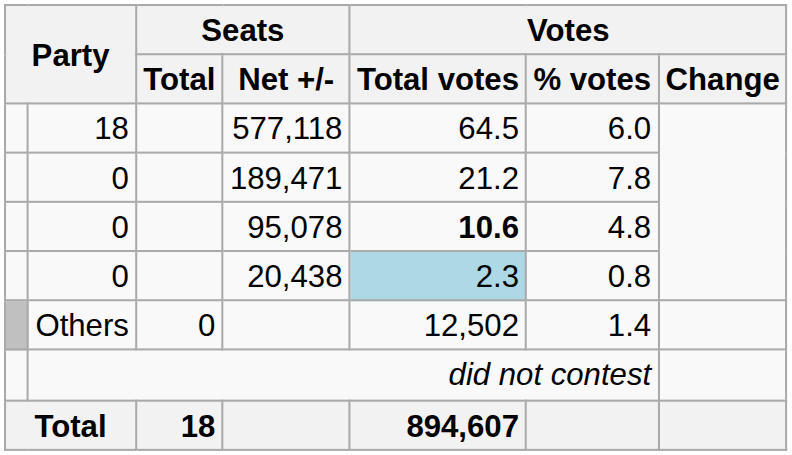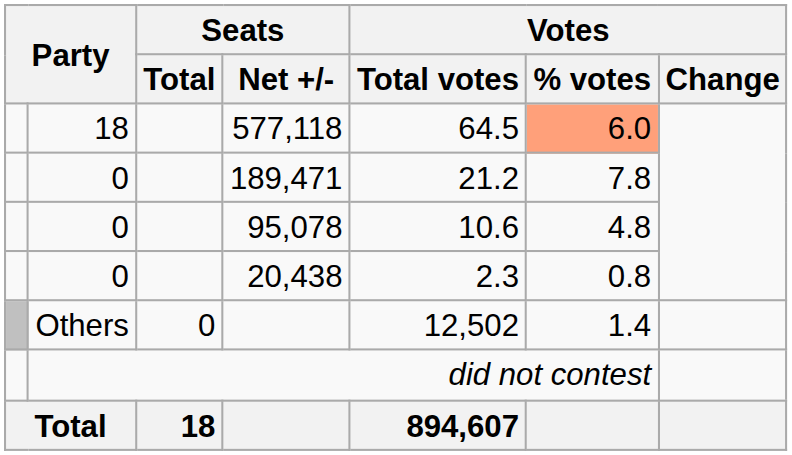 <table class="wikitable" style="text-align:right; font-size:95%;">
 <tr>
 <th colspan="2" rowspan="2">Party</th>
 <th colspan="2">Seats</th>
 <th colspan="3">Votes</th>
 </tr>
 <tr>
 <th>Total</th>
 <th>Net +/-</th>
 <th>Total votes</th>
 <th>% votes</th>
 <th>Change</th>
 </tr>
 <tr>
 <td></td>
 <td>18</td>
 <td></td>
 <td>577,118</td>
 <td>64.5</td>
-<td>6.0</td>
+<td style="background: lightsalmon;">6.0</td>
 </tr>
 <tr>
 <td></td>
 <td>0</td>
 <td></td>
 <td>189,471</td>
 <td>21.2</td>
 <td>7.8</td>
 </tr>
 <tr>
 <td></td>
 <td>0</td>
 <td></td>
 <td>95,078</td>
-<td><strong>10.6</strong></td>
+<td>10.6</td>
 <td>4.8</td>
 </tr>
 <tr>
 <td></td>
 <td>0</td>
 <td></td>
 <td>20,438</td>
-<td style="background: lightblue;">2.3</td>
+<td>2.3</td>
 <td>0.8</td>
 </tr>
 <tr>
 <td style="background:silver;"> </td>
 <td align=left>Others</td>
 <td>0</td>
 <td></td>
 <td>12,502</td>
 <td>1.4</td>
 <td></td>
 </tr>
 <tr>
 <td></td>
 <td colspan="5"><em>did not contest</em></td>
 </tr>
 <tr>
 <th colspan="2" style="background:#f2f2f2">Total</th>
 <td style="background:#f2f2f2;"><strong>18</strong></td>
 <td style="background:#f2f2f2;"></td>
 <td style="background:#f2f2f2;"><strong>894,607</strong></td>
 <td style="background:#f2f2f2;"></td>
 <td style="background:#f2f2f2;"></td>
 </tr>
 </table>
